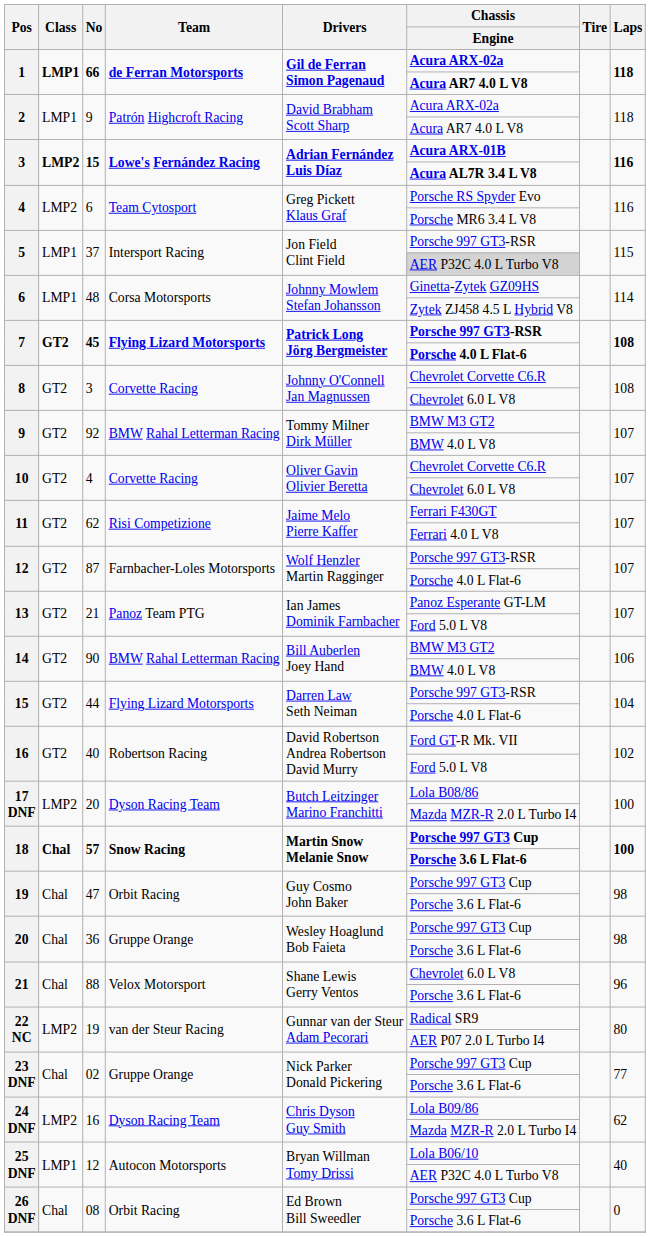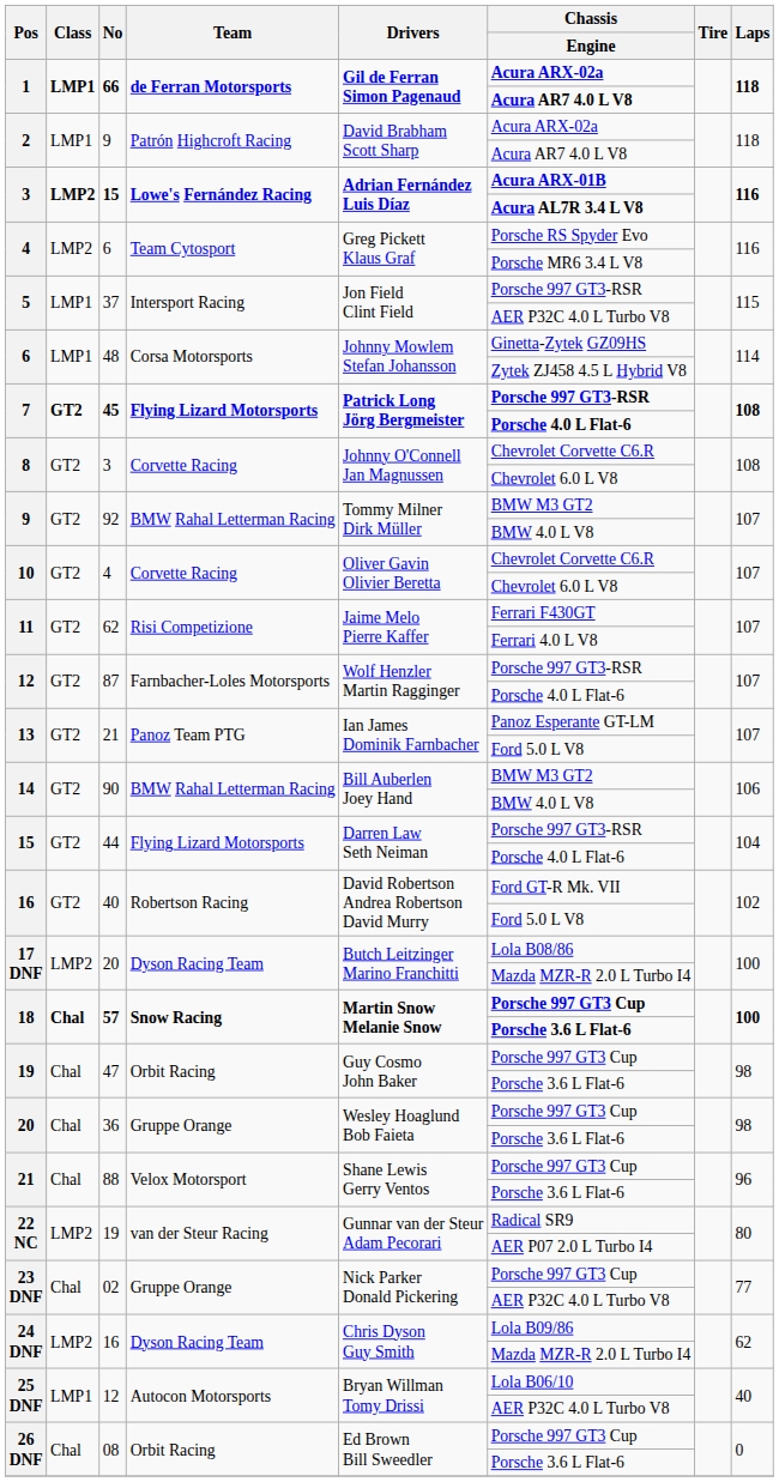 <table class="wikitable" style="font-size: 95%;">
 <tr>
 <th rowspan=2>Pos</th>
 <th rowspan=2>Class</th>
 <th rowspan=2>No</th>
 <th rowspan=2>Team</th>
 <th rowspan=2>Drivers</th>
 <th>Chassis</th>
 <th rowspan=2>Tire</th>
 <th rowspan=2>Laps</th>
 </tr>
 <tr>
 <th>Engine</th>
 </tr>
 <tr style="font-weight:bold">
 <th rowspan=2>1</th>
 <td rowspan=2>LMP1</td>
 <td rowspan=2>66</td>
 <td rowspan=2> <a href='#'>de Ferran Motorsports</a></td>
 <td rowspan=2> <a href='#'>Gil de Ferran</a><br> <a href='#'>Simon Pagenaud</a></td>
 <td><a href='#'>Acura ARX-02a</a></td>
 <td rowspan=2></td>
 <td rowspan=2>118</td>
 </tr>
 <tr style="font-weight:bold">
 <td><a href='#'>Acura</a> AR7 4.0 L V8</td>
 </tr>
 <tr>
 <th rowspan=2>2</th>
 <td rowspan=2>LMP1</td>
 <td rowspan=2>9</td>
 <td rowspan=2> <a href='#'>Patrón</a> <a href='#'>Highcroft Racing</a></td>
 <td rowspan=2> <a href='#'>David Brabham</a><br> <a href='#'>Scott Sharp</a></td>
 <td><a href='#'>Acura ARX-02a</a></td>
 <td rowspan=2></td>
 <td rowspan=2>118</td>
 </tr>
 <tr>
 <td><a href='#'>Acura</a> AR7 4.0 L V8</td>
 </tr>
 <tr style="font-weight:bold">
 <th rowspan=2>3</th>
 <td rowspan=2>LMP2</td>
 <td rowspan=2>15</td>
 <td rowspan=2> <a href='#'>Lowe's</a> <a href='#'>Fernández Racing</a></td>
 <td rowspan=2> <a href='#'>Adrian Fernández</a><br> <a href='#'>Luis Díaz</a></td>
 <td><a href='#'>Acura ARX-01B</a></td>
 <td rowspan=2></td>
 <td rowspan=2>116</td>
 </tr>
 <tr style="font-weight:bold">
 <td><a href='#'>Acura</a> AL7R 3.4 L V8</td>
 </tr>
 <tr>
 <th rowspan=2>4</th>
 <td rowspan=2>LMP2</td>
 <td rowspan=2>6</td>
 <td rowspan=2> <a href='#'>Team Cytosport</a></td>
 <td rowspan=2> Greg Pickett<br> <a href='#'>Klaus Graf</a></td>
 <td><a href='#'>Porsche RS Spyder</a> Evo</td>
 <td rowspan=2></td>
 <td rowspan=2>116</td>
 </tr>
 <tr>
 <td><a href='#'>Porsche</a> MR6 3.4 L V8</td>
 </tr>
 <tr>
 <th rowspan=2>5</th>
 <td rowspan=2>LMP1</td>
 <td rowspan=2>37</td>
 <td rowspan=2> Intersport Racing</td>
 <td rowspan=2> Jon Field<br> Clint Field</td>
 <td><a href='#'>Porsche 997 GT3</a>-RSR</td>
 <td rowspan=2></td>
 <td rowspan=2>115</td>
 </tr>
 <tr>
-<td style="background: lightgrey;"><a href='#'>AER</a> P32C 4.0 L Turbo V8</td>
+<td><a href='#'>AER</a> P32C 4.0 L Turbo V8</td>
 </tr>
 <tr>
 <th rowspan=2>6</th>
 <td rowspan=2>LMP1</td>
 <td rowspan=2>48</td>
 <td rowspan=2> Corsa Motorsports</td>
 <td rowspan=2> <a href='#'>Johnny Mowlem</a><br> <a href='#'>Stefan Johansson</a></td>
 <td><a href='#'>Ginetta</a>-<a href='#'>Zytek</a> <a href='#'>GZ09HS</a></td>
 <td rowspan=2></td>
 <td rowspan=2>114</td>
 </tr>
 <tr>
 <td><a href='#'>Zytek</a> ZJ458 4.5 L <a href='#'>Hybrid</a> V8</td>
 </tr>
 <tr style="font-weight:bold">
 <th rowspan=2>7</th>
 <td rowspan=2>GT2</td>
 <td rowspan=2>45</td>
 <td rowspan=2> <a href='#'>Flying Lizard Motorsports</a></td>
 <td rowspan=2> <a href='#'>Patrick Long</a><br> <a href='#'>Jörg Bergmeister</a></td>
 <td><a href='#'>Porsche 997 GT3</a>-RSR</td>
 <td rowspan=2></td>
 <td rowspan=2>108</td>
 </tr>
 <tr style="font-weight:bold">
 <td><a href='#'>Porsche</a> 4.0 L Flat-6</td>
 </tr>
 <tr>
 <th rowspan=2>8</th>
 <td rowspan=2>GT2</td>
 <td rowspan=2>3</td>
 <td rowspan=2> <a href='#'>Corvette Racing</a></td>
 <td rowspan=2> <a href='#'>Johnny O'Connell</a><br> <a href='#'>Jan Magnussen</a></td>
 <td><a href='#'>Chevrolet Corvette C6.R</a></td>
 <td rowspan=2></td>
 <td rowspan=2>108</td>
 </tr>
 <tr>
 <td><a href='#'>Chevrolet</a> 6.0 L V8</td>
 </tr>
 <tr>
 <th rowspan=2>9</th>
 <td rowspan=2>GT2</td>
 <td rowspan=2>92</td>
 <td rowspan=2> <a href='#'>BMW</a> <a href='#'>Rahal Letterman Racing</a></td>
 <td rowspan=2> Tommy Milner<br> <a href='#'>Dirk Müller</a></td>
 <td><a href='#'>BMW M3 GT2</a></td>
 <td rowspan=2></td>
 <td rowspan=2>107</td>
 </tr>
 <tr>
 <td><a href='#'>BMW</a> 4.0 L V8</td>
 </tr>
 <tr>
 <th rowspan=2>10</th>
 <td rowspan=2>GT2</td>
 <td rowspan=2>4</td>
 <td rowspan=2> <a href='#'>Corvette Racing</a></td>
 <td rowspan=2> <a href='#'>Oliver Gavin</a><br> <a href='#'>Olivier Beretta</a></td>
 <td><a href='#'>Chevrolet Corvette C6.R</a></td>
 <td rowspan=2></td>
 <td rowspan=2>107</td>
 </tr>
 <tr>
 <td><a href='#'>Chevrolet</a> 6.0 L V8</td>
 </tr>
 <tr>
 <th rowspan=2>11</th>
 <td rowspan=2>GT2</td>
 <td rowspan=2>62</td>
 <td rowspan=2> <a href='#'>Risi Competizione</a></td>
 <td rowspan=2> <a href='#'>Jaime Melo</a><br> <a href='#'>Pierre Kaffer</a></td>
 <td><a href='#'>Ferrari F430GT</a></td>
 <td rowspan=2></td>
 <td rowspan=2>107</td>
 </tr>
 <tr>
 <td><a href='#'>Ferrari</a> 4.0 L V8</td>
 </tr>
 <tr>
 <th rowspan=2>12</th>
 <td rowspan=2>GT2</td>
 <td rowspan=2>87</td>
 <td rowspan=2> Farnbacher-Loles Motorsports</td>
 <td rowspan=2> <a href='#'>Wolf Henzler</a><br> Martin Ragginger</td>
 <td><a href='#'>Porsche 997 GT3</a>-RSR</td>
 <td rowspan=2></td>
 <td rowspan=2>107</td>
 </tr>
 <tr>
 <td><a href='#'>Porsche</a> 4.0 L Flat-6</td>
 </tr>
 <tr>
 <th rowspan=2>13</th>
 <td rowspan=2>GT2</td>
 <td rowspan=2>21</td>
 <td rowspan=2> <a href='#'>Panoz</a> Team PTG</td>
 <td rowspan=2> Ian James<br> <a href='#'>Dominik Farnbacher</a></td>
 <td><a href='#'>Panoz Esperante</a> GT-LM</td>
 <td rowspan=2></td>
 <td rowspan=2>107</td>
 </tr>
 <tr>
 <td><a href='#'>Ford</a> 5.0 L V8</td>
 </tr>
 <tr>
 <th rowspan=2>14</th>
 <td rowspan=2>GT2</td>
 <td rowspan=2>90</td>
 <td rowspan=2> <a href='#'>BMW</a> <a href='#'>Rahal Letterman Racing</a></td>
 <td rowspan=2> <a href='#'>Bill Auberlen</a><br> Joey Hand</td>
 <td><a href='#'>BMW M3 GT2</a></td>
 <td rowspan=2></td>
 <td rowspan=2>106</td>
 </tr>
 <tr>
 <td><a href='#'>BMW</a> 4.0 L V8</td>
 </tr>
 <tr>
 <th rowspan=2>15</th>
 <td rowspan=2>GT2</td>
 <td rowspan=2>44</td>
 <td rowspan=2> <a href='#'>Flying Lizard Motorsports</a></td>
 <td rowspan=2> <a href='#'>Darren Law</a><br> Seth Neiman</td>
 <td><a href='#'>Porsche 997 GT3</a>-RSR</td>
 <td rowspan=2></td>
 <td rowspan=2>104</td>
 </tr>
 <tr>
 <td><a href='#'>Porsche</a> 4.0 L Flat-6</td>
 </tr>
 <tr>
 <th rowspan=2>16</th>
 <td rowspan=2>GT2</td>
 <td rowspan=2>40</td>
 <td rowspan=2> Robertson Racing</td>
 <td rowspan=2> David Robertson<br> Andrea Robertson<br> David Murry</td>
 <td><a href='#'>Ford GT</a>-R Mk. VII</td>
 <td rowspan=2></td>
 <td rowspan=2>102</td>
 </tr>
 <tr>
 <td><a href='#'>Ford</a> 5.0 L V8</td>
 </tr>
 <tr>
 <th rowspan=2>17<br>DNF</th>
 <td rowspan=2>LMP2</td>
 <td rowspan=2>20</td>
 <td rowspan=2> <a href='#'>Dyson Racing Team</a></td>
 <td rowspan=2> <a href='#'>Butch Leitzinger</a><br> <a href='#'>Marino Franchitti</a></td>
 <td><a href='#'>Lola B08/86</a></td>
 <td rowspan=2></td>
 <td rowspan=2>100</td>
 </tr>
 <tr>
 <td><a href='#'>Mazda</a> <a href='#'>MZR-R</a> 2.0 L Turbo I4</td>
 </tr>
 <tr style="font-weight:bold">
 <th rowspan=2>18</th>
 <td rowspan=2>Chal</td>
 <td rowspan=2>57</td>
 <td rowspan=2> Snow Racing</td>
 <td rowspan=2> Martin Snow<br> Melanie Snow</td>
 <td><a href='#'>Porsche 997 GT3</a> Cup</td>
 <td rowspan=2></td>
 <td rowspan=2>100</td>
 </tr>
 <tr style="font-weight:bold">
 <td><a href='#'>Porsche</a> 3.6 L Flat-6</td>
 </tr>
 <tr>
 <th rowspan=2>19</th>
 <td rowspan=2>Chal</td>
 <td rowspan=2>47</td>
 <td rowspan=2> Orbit Racing</td>
 <td rowspan=2> Guy Cosmo<br> John Baker</td>
 <td><a href='#'>Porsche 997 GT3</a> Cup</td>
 <td rowspan=2></td>
 <td rowspan=2>98</td>
 </tr>
 <tr>
 <td><a href='#'>Porsche</a> 3.6 L Flat-6</td>
 </tr>
 <tr>
 <th rowspan=2>20</th>
 <td rowspan=2>Chal</td>
 <td rowspan=2>36</td>
 <td rowspan=2> Gruppe Orange</td>
 <td rowspan=2> Wesley Hoaglund<br> Bob Faieta</td>
 <td><a href='#'>Porsche 997 GT3</a> Cup</td>
 <td rowspan=2></td>
 <td rowspan=2>98</td>
 </tr>
 <tr>
 <td><a href='#'>Porsche</a> 3.6 L Flat-6</td>
 </tr>
 <tr>
 <th rowspan=2>21</th>
 <td rowspan=2>Chal</td>
 <td rowspan=2>88</td>
 <td rowspan=2> Velox Motorsport</td>
 <td rowspan=2> Shane Lewis<br> Gerry Ventos</td>
-<td><a href='#'>Chevrolet</a> 6.0 L V8</td>
+<td><a href='#'>Porsche 997 GT3</a> Cup</td>
 <td rowspan=2></td>
 <td rowspan=2>96</td>
 </tr>
 <tr>
 <td><a href='#'>Porsche</a> 3.6 L Flat-6</td>
 </tr>
 <tr>
 <th rowspan=2>22<br>NC</th>
 <td rowspan=2>LMP2</td>
 <td rowspan=2>19</td>
 <td rowspan=2> van der Steur Racing</td>
 <td rowspan=2> Gunnar van der Steur<br> <a href='#'>Adam Pecorari</a></td>
 <td><a href='#'>Radical</a> SR9</td>
 <td rowspan=2></td>
 <td rowspan=2>80</td>
 </tr>
 <tr>
 <td><a href='#'>AER</a> P07 2.0 L Turbo I4</td>
 </tr>
 <tr>
 <th rowspan=2>23<br>DNF</th>
 <td rowspan=2>Chal</td>
 <td rowspan=2>02</td>
 <td rowspan=2> Gruppe Orange</td>
 <td rowspan=2> Nick Parker<br> Donald Pickering</td>
 <td><a href='#'>Porsche 997 GT3</a> Cup</td>
 <td rowspan=2></td>
 <td rowspan=2>77</td>
 </tr>
 <tr>
-<td><a href='#'>Porsche</a> 3.6 L Flat-6</td>
+<td><a href='#'>AER</a> P32C 4.0 L Turbo V8</td>
 </tr>
 <tr>
 <th rowspan=2>24<br>DNF</th>
 <td rowspan=2>LMP2</td>
 <td rowspan=2>16</td>
 <td rowspan=2> <a href='#'>Dyson Racing Team</a></td>
 <td rowspan=2> <a href='#'>Chris Dyson</a><br> <a href='#'>Guy Smith</a></td>
 <td><a href='#'>Lola B09/86</a></td>
 <td rowspan=2></td>
 <td rowspan=2>62</td>
 </tr>
 <tr>
 <td><a href='#'>Mazda</a> <a href='#'>MZR-R</a> 2.0 L Turbo I4</td>
 </tr>
 <tr>
 <th rowspan=2>25<br>DNF</th>
 <td rowspan=2>LMP1</td>
 <td rowspan=2>12</td>
 <td rowspan=2> Autocon Motorsports</td>
 <td rowspan=2> Bryan Willman<br> <a href='#'>Tomy Drissi</a></td>
 <td><a href='#'>Lola B06/10</a></td>
 <td rowspan=2></td>
 <td rowspan=2>40</td>
 </tr>
 <tr>
 <td><a href='#'>AER</a> P32C 4.0 L Turbo V8</td>
 </tr>
 <tr>
 <th rowspan=2>26<br>DNF</th>
 <td rowspan=2>Chal</td>
 <td rowspan=2>08</td>
 <td rowspan=2> Orbit Racing</td>
 <td rowspan=2> Ed Brown<br> Bill Sweedler</td>
 <td><a href='#'>Porsche 997 GT3</a> Cup</td>
 <td rowspan=2></td>
 <td rowspan=2>0</td>
 </tr>
 <tr>
 <td><a href='#'>Porsche</a> 3.6 L Flat-6</td>
 </tr>
 <tr>
 </tr>
 </table>
